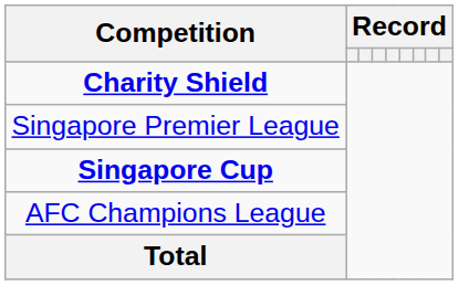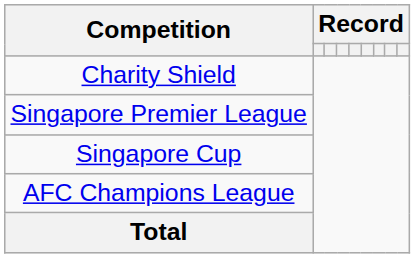 <table class="wikitable" style="text-align: center">
 <tr>
 <th rowspan=2>Competition</th>
 <th colspan=8>Record</th>
 </tr>
 <tr>
 <th></th>
 <th></th>
 <th></th>
 <th></th>
 <th></th>
 <th></th>
 <th></th>
 <th></th>
 </tr>
 <tr>
-<td><strong><a href='#'>Charity Shield</a><br></strong></td>
+<td><a href='#'>Charity Shield</a><br></td>
 </tr>
 <tr>
 <td><a href='#'>Singapore Premier League</a><br></td>
 </tr>
 <tr>
-<td><strong><a href='#'>Singapore Cup</a><br></strong></td>
+<td><a href='#'>Singapore Cup</a><br></td>
 </tr>
 <tr>
 <td><a href='#'>AFC Champions League</a><br></td>
 </tr>
 <tr>
 <th>Total<br></th>
 </tr>
 </table>
